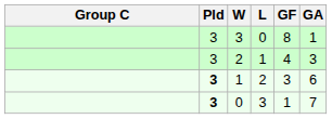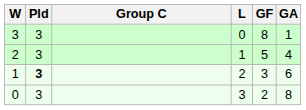 <table class=wikitable style="text-align:center">
 <tr>
+<th width=20>W</th>
+<th width=20>Pld</th>
 <th width=220>Group C</th>
-<th width=20>Pld</th>
-<th width=20>W</th>
 <th width=20>L</th>
 <th width=20>GF</th>
 <th width=20>GA</th>
 </tr>
 <tr bgcolor=ccffcc>
-<td align=left></td>
 <td>3</td>
 <td>3</td>
+<td align=left></td>
 <td>0</td>
 <td>8</td>
 <td>1</td>
 </tr>
 <tr bgcolor=ccffcc>
+<td>2</td>
+<td>3</td>
 <td align=left></td>
-<td>3</td>
-<td>2</td>
 <td>1</td>
+<td>5</td>
 <td>4</td>
-<td>3</td>
 </tr>
 <tr bgcolor=eeffee>
+<td>1</td>
+<td><strong>3</strong></td>
 <td align=left></td>
-<td><strong>3</strong></td>
-<td>1</td>
 <td>2</td>
 <td>3</td>
 <td>6</td>
 </tr>
 <tr bgcolor=eeffee>
-<td align=left></td>
-<td><strong>3</strong></td>
 <td>0</td>
 <td>3</td>
-<td>1</td>
-<td>7</td>
+<td align=left></td>
+<td>3</td>
+<td>2</td>
+<td>8</td>
 </tr>
 </table>
